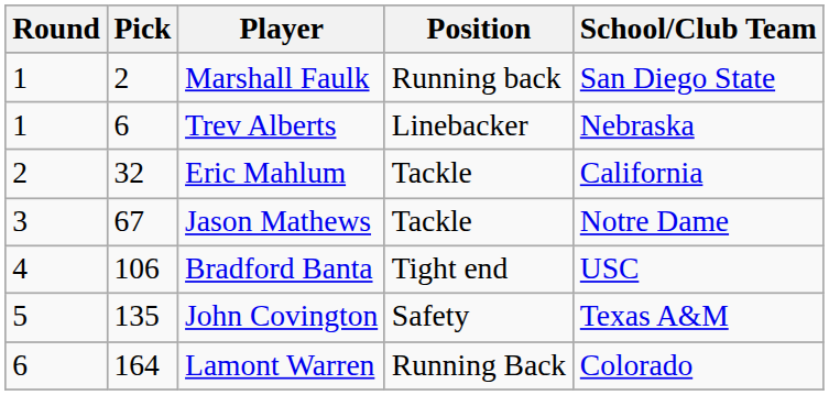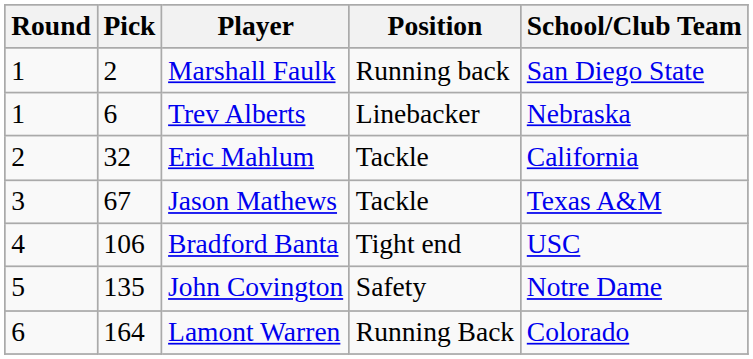 <table class="wikitable sortable sortable">
 <tr>
 <th>Round</th>
 <th>Pick</th>
 <th>Player</th>
 <th>Position</th>
 <th>School/Club Team</th>
 </tr>
 <tr>
 <td>1</td>
 <td>2</td>
 <td><a href='#'>Marshall Faulk</a></td>
 <td>Running back</td>
 <td><a href='#'>San Diego State</a></td>
 </tr>
 <tr>
 <td>1</td>
 <td>6</td>
 <td><a href='#'>Trev Alberts</a></td>
 <td>Linebacker</td>
 <td><a href='#'>Nebraska</a></td>
 </tr>
 <tr>
 <td>2</td>
 <td>32</td>
 <td><a href='#'>Eric Mahlum</a></td>
 <td>Tackle</td>
 <td><a href='#'>California</a></td>
 </tr>
 <tr>
 <td>3</td>
 <td>67</td>
 <td><a href='#'>Jason Mathews</a></td>
 <td>Tackle</td>
-<td><a href='#'>Notre Dame</a></td>
+<td><a href='#'>Texas A&M</a></td>
 </tr>
 <tr>
 <td>4</td>
 <td>106</td>
 <td><a href='#'>Bradford Banta</a></td>
 <td>Tight end</td>
 <td><a href='#'>USC</a></td>
 </tr>
 <tr>
 <td>5</td>
 <td>135</td>
 <td><a href='#'>John Covington</a></td>
 <td>Safety</td>
-<td><a href='#'>Texas A&M</a></td>
+<td><a href='#'>Notre Dame</a></td>
 </tr>
 <tr>
 <td>6</td>
 <td>164</td>
 <td><a href='#'>Lamont Warren</a></td>
 <td>Running Back</td>
 <td><a href='#'>Colorado</a></td>
 </tr>
 </table>
